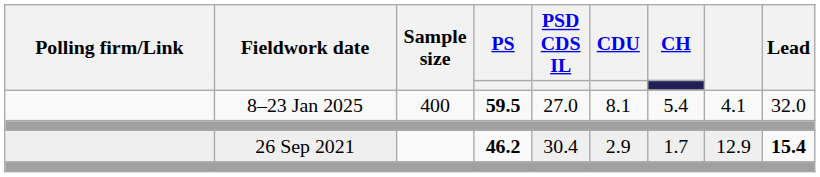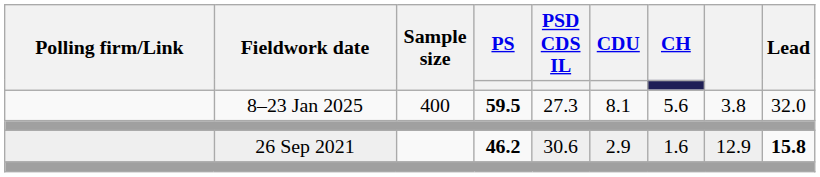 <table class="wikitable sortable mw-datatable" style="text-align:center;font-size:90%;line-height:16px;">
 <tr style="height:42px;">
 <th style="width:145px;" rowspan="2">Polling firm/Link</th>
 <th style="width:125px;" rowspan="2">Fieldwork date</th>
 <th class="unsortable" style="width:50px;" rowspan="2">Sample size</th>
 <th class="unsortable" style="width:35px;"><a href='#'>PS</a></th>
 <th class="unsortable" style="width:35px;"><a href='#'>PSD</a><br><a href='#'>CDS</a><br><a href='#'>IL</a></th>
 <th class="unsortable" style="width:35px;"><a href='#'>CDU</a></th>
 <th class="unsortable" style="width:35px;"><a href='#'>CH</a></th>
 <th class="unsortable" style="width:35px;" rowspan="2"></th>
 <th class="unsortable" style="width:30px;" rowspan="2">Lead</th>
 </tr>
 <tr>
 <th class="unsortable" style="color:inherit;background:"></th>
 <th class="unsortable" style="color:inherit;background:"></th>
 <th class="unsortable" style="color:inherit;background:"></th>
 <th class="unsortable" style="color:inherit;background:#202056;"></th>
 </tr>
 <tr>
 <td align="center"></td>
 <td align="center">8–23 Jan 2025</td>
 <td>400</td>
 <td><strong>59.5</strong></td>
-<td align="center">27.0</td>
+<td align="center">27.3</td>
 <td align="center">8.1</td>
-<td align="center">5.4</td>
-<td align="center">4.1</td>
+<td align="center">5.6</td>
+<td align="center">3.8</td>
 <td style="background:">32.0</td>
 </tr>
 <tr>
 <td colspan="13" style="background:#A0A0A0"></td>
 </tr>
 <tr>
 <td style="background:#EFEFEF;"><strong></strong></td>
 <td style="background:#EFEFEF;" data-sort-value="2019-10-06">26 Sep 2021</td>
 <td></td>
 <td><strong>46.2</strong><br></td>
-<td style="background:#EFEFEF;">30.4<br></td>
+<td style="background:#EFEFEF;">30.6<br></td>
 <td style="background:#EFEFEF;">2.9<br></td>
-<td style="background:#EFEFEF;">1.7<br></td>
+<td style="background:#EFEFEF;">1.6<br></td>
 <td style="background:#EFEFEF;">12.9<br></td>
-<td style="background:"><strong>15.4</strong></td>
+<td style="background:"><strong>15.8</strong></td>
 </tr>
 <tr>
 <td colspan="13" style="background:#A0A0A0"></td>
 </tr>
 </table>
